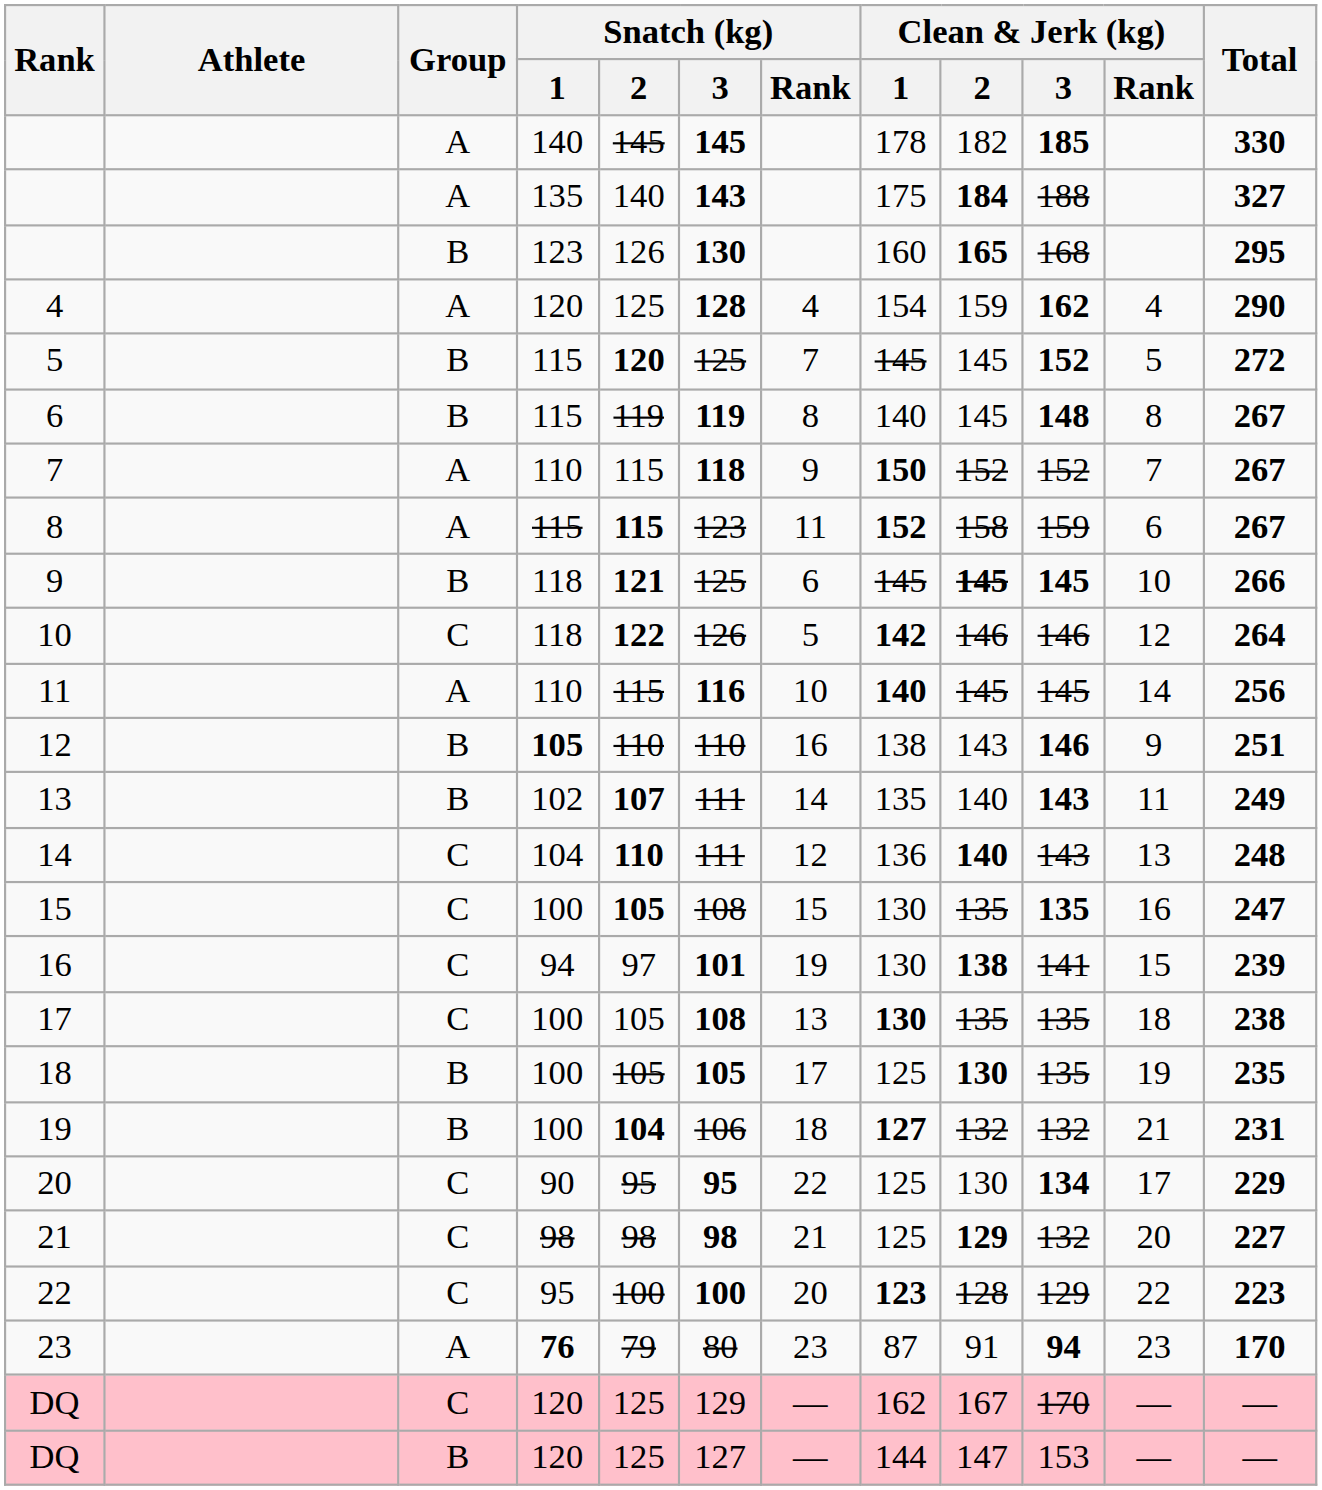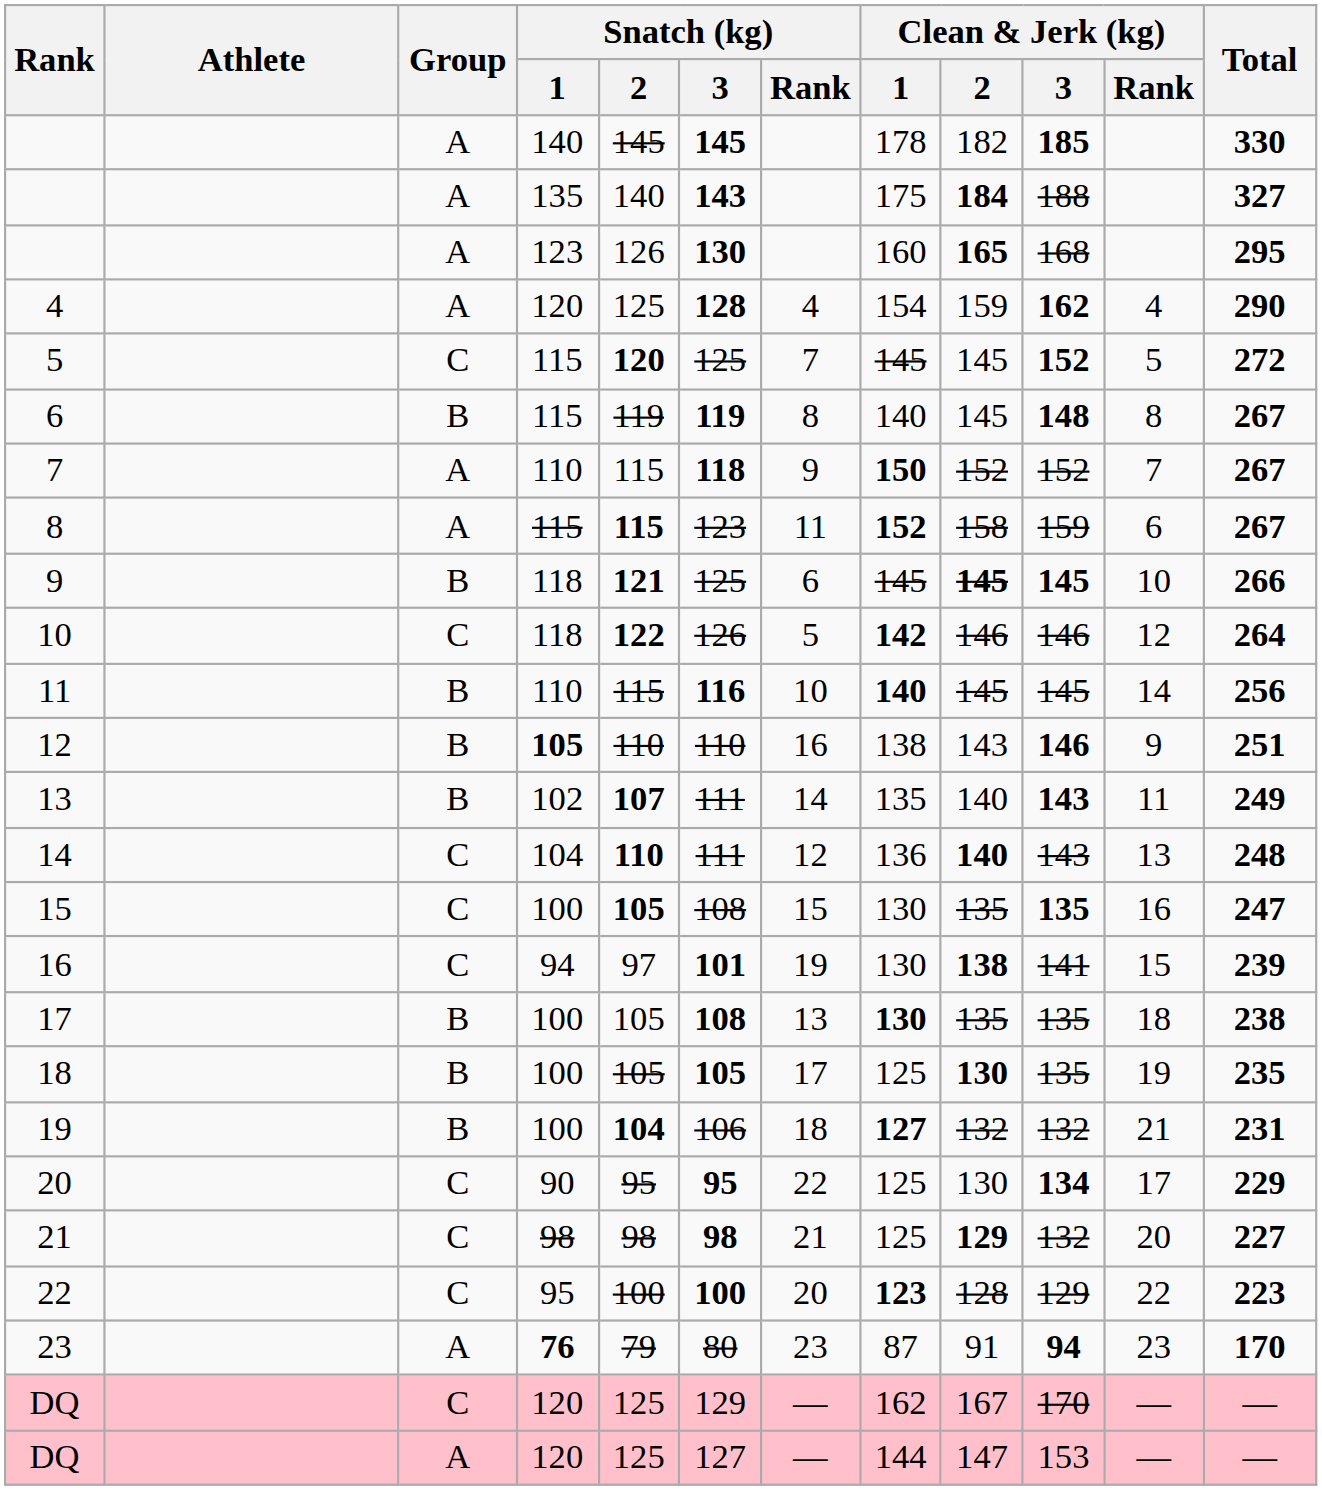 <table class = "wikitable" style="text-align:center;">
 <tr>
 <th rowspan=2 width=40>Rank</th>
 <th rowspan=2 width=250>Athlete</th>
 <th rowspan=2 width=50>Group</th>
 <th colspan=4>Snatch (kg)</th>
 <th colspan=4>Clean & Jerk (kg)</th>
 <th rowspan=2 width=60>Total</th>
 </tr>
 <tr>
 <th width=40>1</th>
 <th width=40>2</th>
 <th width=40>3</th>
 <th width=40>Rank</th>
 <th width=40>1</th>
 <th width=40>2</th>
 <th width=40>3</th>
 <th width=40>Rank</th>
 </tr>
 <tr>
 <td></td>
 <td align=left></td>
 <td>A</td>
 <td>140</td>
 <td><s>145</s></td>
 <td><strong>145</strong></td>
 <td></td>
 <td>178</td>
 <td>182</td>
 <td><strong>185</strong></td>
 <td></td>
 <td><strong>330</strong></td>
 </tr>
 <tr>
 <td></td>
 <td align=left></td>
 <td>A</td>
 <td>135</td>
 <td>140</td>
 <td><strong>143</strong></td>
 <td></td>
 <td>175</td>
 <td><strong>184</strong></td>
 <td><s>188</s></td>
 <td></td>
 <td><strong>327</strong></td>
 </tr>
 <tr>
 <td></td>
 <td align=left></td>
-<td>B</td>
+<td>A</td>
 <td>123</td>
 <td>126</td>
 <td><strong>130</strong></td>
 <td></td>
 <td>160</td>
 <td><strong>165</strong></td>
 <td><s>168</s></td>
 <td></td>
 <td><strong>295</strong></td>
 </tr>
 <tr>
 <td>4</td>
 <td align=left></td>
 <td>A</td>
 <td>120</td>
 <td>125</td>
 <td><strong>128</strong></td>
 <td>4</td>
 <td>154</td>
 <td>159</td>
 <td><strong>162</strong></td>
 <td>4</td>
 <td><strong>290</strong></td>
 </tr>
 <tr>
 <td>5</td>
 <td align=left></td>
-<td>B</td>
+<td>C</td>
 <td>115</td>
 <td><strong>120</strong></td>
 <td><s>125</s></td>
 <td>7</td>
 <td><s>145</s></td>
 <td>145</td>
 <td><strong>152</strong></td>
 <td>5</td>
 <td><strong>272</strong></td>
 </tr>
 <tr>
 <td>6</td>
 <td align=left></td>
 <td>B</td>
 <td>115</td>
 <td><s>119</s></td>
 <td><strong>119</strong></td>
 <td>8</td>
 <td>140</td>
 <td>145</td>
 <td><strong>148</strong></td>
 <td>8</td>
 <td><strong>267</strong></td>
 </tr>
 <tr>
 <td>7</td>
 <td align=left></td>
 <td>A</td>
 <td>110</td>
 <td>115</td>
 <td><strong>118</strong></td>
 <td>9</td>
 <td><strong>150</strong></td>
 <td><s>152</s></td>
 <td><s>152</s></td>
 <td>7</td>
 <td><strong>267</strong></td>
 </tr>
 <tr>
 <td>8</td>
 <td align=left></td>
 <td>A</td>
 <td><s>115</s></td>
 <td><strong>115</strong></td>
 <td><s>123</s></td>
 <td>11</td>
 <td><strong>152</strong></td>
 <td><s>158</s></td>
 <td><s>159</s></td>
 <td>6</td>
 <td><strong>267</strong></td>
 </tr>
 <tr>
 <td>9</td>
 <td align=left></td>
 <td>B</td>
 <td>118</td>
 <td><strong>121</strong></td>
 <td><s>125</s></td>
 <td>6</td>
 <td><s>145</s></td>
 <td><strong><s>145</s></strong></td>
 <td><strong>145</strong></td>
 <td>10</td>
 <td><strong>266</strong></td>
 </tr>
 <tr>
 <td>10</td>
 <td align=left></td>
 <td>C</td>
 <td>118</td>
 <td><strong>122</strong></td>
 <td><s>126</s></td>
 <td>5</td>
 <td><strong>142</strong></td>
 <td><s>146</s></td>
 <td><s>146</s></td>
 <td>12</td>
 <td><strong>264</strong></td>
 </tr>
 <tr>
 <td>11</td>
 <td align=left></td>
-<td>A</td>
+<td>B</td>
 <td>110</td>
 <td><s>115</s></td>
 <td><strong>116</strong></td>
 <td>10</td>
 <td><strong>140</strong></td>
 <td><s>145</s></td>
 <td><s>145</s></td>
 <td>14</td>
 <td><strong>256</strong></td>
 </tr>
 <tr>
 <td>12</td>
 <td align=left></td>
 <td>B</td>
 <td><strong>105</strong></td>
 <td><s>110</s></td>
 <td><s>110</s></td>
 <td>16</td>
 <td>138</td>
 <td>143</td>
 <td><strong>146</strong></td>
 <td>9</td>
 <td><strong>251</strong></td>
 </tr>
 <tr>
 <td>13</td>
 <td align=left></td>
 <td>B</td>
 <td>102</td>
 <td><strong>107</strong></td>
 <td><s>111</s></td>
 <td>14</td>
 <td>135</td>
 <td>140</td>
 <td><strong>143</strong></td>
 <td>11</td>
 <td><strong>249</strong></td>
 </tr>
 <tr>
 <td>14</td>
 <td align=left></td>
 <td>C</td>
 <td>104</td>
 <td><strong>110</strong></td>
 <td><s>111</s></td>
 <td>12</td>
 <td>136</td>
 <td><strong>140</strong></td>
 <td><s>143</s></td>
 <td>13</td>
 <td><strong>248</strong></td>
 </tr>
 <tr>
 <td>15</td>
 <td align=left></td>
 <td>C</td>
 <td>100</td>
 <td><strong>105</strong></td>
 <td><s>108</s></td>
 <td>15</td>
 <td>130</td>
 <td><s>135</s></td>
 <td><strong>135</strong></td>
 <td>16</td>
 <td><strong>247</strong></td>
 </tr>
 <tr>
 <td>16</td>
 <td align=left></td>
 <td>C</td>
 <td>94</td>
 <td>97</td>
 <td><strong>101</strong></td>
 <td>19</td>
 <td>130</td>
 <td><strong>138</strong></td>
 <td><s>141</s></td>
 <td>15</td>
 <td><strong>239</strong></td>
 </tr>
 <tr>
 <td>17</td>
 <td align=left></td>
-<td>C</td>
+<td>B</td>
 <td>100</td>
 <td>105</td>
 <td><strong>108</strong></td>
 <td>13</td>
 <td><strong>130</strong></td>
 <td><s>135</s></td>
 <td><s>135</s></td>
 <td>18</td>
 <td><strong>238</strong></td>
 </tr>
 <tr>
 <td>18</td>
 <td align=left></td>
 <td>B</td>
 <td>100</td>
 <td><s>105</s></td>
 <td><strong>105</strong></td>
 <td>17</td>
 <td>125</td>
 <td><strong>130</strong></td>
 <td><s>135</s></td>
 <td>19</td>
 <td><strong>235</strong></td>
 </tr>
 <tr>
 <td>19</td>
 <td align=left></td>
 <td>B</td>
 <td>100</td>
 <td><strong>104</strong></td>
 <td><s>106</s></td>
 <td>18</td>
 <td><strong>127</strong></td>
 <td><s>132</s></td>
 <td><s>132</s></td>
 <td>21</td>
 <td><strong>231</strong></td>
 </tr>
 <tr>
 <td>20</td>
 <td align=left></td>
 <td>C</td>
 <td>90</td>
 <td><s>95</s></td>
 <td><strong>95</strong></td>
 <td>22</td>
 <td>125</td>
 <td>130</td>
 <td><strong>134</strong></td>
 <td>17</td>
 <td><strong>229</strong></td>
 </tr>
 <tr>
 <td>21</td>
 <td align=left></td>
 <td>C</td>
 <td><s>98</s></td>
 <td><s>98</s></td>
 <td><strong>98</strong></td>
 <td>21</td>
 <td>125</td>
 <td><strong>129</strong></td>
 <td><s>132</s></td>
 <td>20</td>
 <td><strong>227</strong></td>
 </tr>
 <tr>
 <td>22</td>
 <td align=left></td>
 <td>C</td>
 <td>95</td>
 <td><s>100</s></td>
 <td><strong>100</strong></td>
 <td>20</td>
 <td><strong>123</strong></td>
 <td><s>128</s></td>
 <td><s>129</s></td>
 <td>22</td>
 <td><strong>223</strong></td>
 </tr>
 <tr>
 <td>23</td>
 <td align=left></td>
 <td>A</td>
 <td><strong>76</strong></td>
 <td><s>79</s></td>
 <td><s>80</s></td>
 <td>23</td>
 <td>87</td>
 <td>91</td>
 <td><strong>94</strong></td>
 <td>23</td>
 <td><strong>170</strong></td>
 </tr>
 <tr bgcolor=pink>
 <td>DQ</td>
 <td align=left></td>
 <td>C</td>
 <td>120</td>
 <td>125</td>
 <td>129</td>
 <td>—</td>
 <td>162</td>
 <td>167</td>
 <td><s>170</s></td>
 <td>—</td>
 <td>—</td>
 </tr>
 <tr bgcolor=pink>
 <td>DQ</td>
 <td align=left></td>
-<td>B</td>
+<td>A</td>
 <td>120</td>
 <td>125</td>
 <td>127</td>
 <td>—</td>
 <td>144</td>
 <td>147</td>
 <td>153</td>
 <td>—</td>
 <td>—</td>
 </tr>
 </table>
